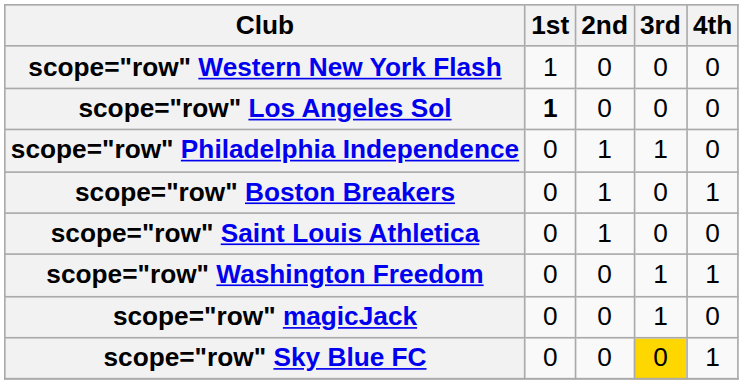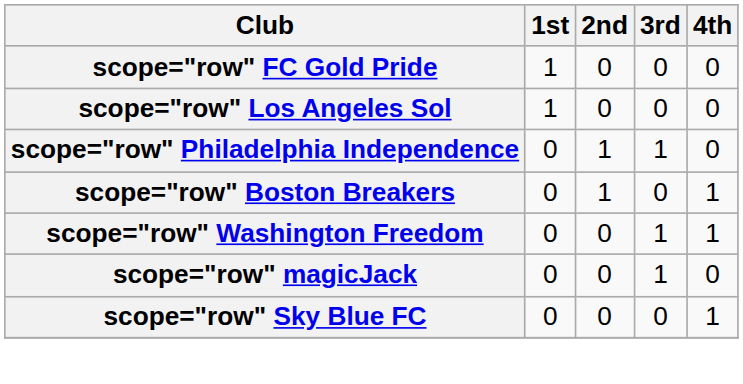 <table class="wikitable sortable" style="text-align:center;">
 <tr>
 <th scope="col">Club</th>
 <th scope="col">1st</th>
 <th scope="col">2nd</th>
 <th scope="col">3rd</th>
 <th scope="col">4th</th>
 </tr>
 <tr>
-<th>scope="row" <a href='#'>Western New York Flash</a></th>
+<th>scope="row" <a href='#'>FC Gold Pride</a></th>
 <td>1</td>
 <td>0</td>
 <td>0</td>
 <td>0</td>
 </tr>
 <tr>
 <th>scope="row" <a href='#'>Los Angeles Sol</a></th>
-<td><strong>1</strong></td>
+<td>1</td>
 <td>0</td>
 <td>0</td>
 <td>0</td>
 </tr>
 <tr>
 <th>scope="row" <a href='#'>Philadelphia Independence</a></th>
 <td>0</td>
 <td>1</td>
 <td>1</td>
 <td>0</td>
 </tr>
 <tr>
 <th>scope="row" <a href='#'>Boston Breakers</a></th>
 <td>0</td>
 <td>1</td>
 <td>0</td>
 <td>1</td>
 </tr>
 <tr>
-<th>scope="row" <a href='#'>Saint Louis Athletica</a></th>
-<td>0</td>
-<td>1</td>
-<td>0</td>
-<td>0</td>
-</tr>
-<tr>
 <th>scope="row" <a href='#'>Washington Freedom</a></th>
 <td>0</td>
 <td>0</td>
 <td>1</td>
 <td>1</td>
 </tr>
 <tr>
 <th>scope="row" <a href='#'>magicJack</a></th>
 <td>0</td>
 <td>0</td>
 <td>1</td>
 <td>0</td>
 </tr>
 <tr>
 <th>scope="row" <a href='#'>Sky Blue FC</a></th>
 <td>0</td>
 <td>0</td>
-<td style="background: gold;">0</td>
+<td>0</td>
 <td>1</td>
 </tr>
 <tr>
 </tr>
 </table>
